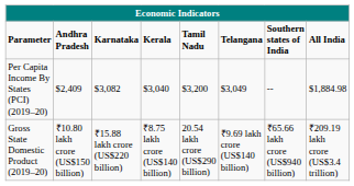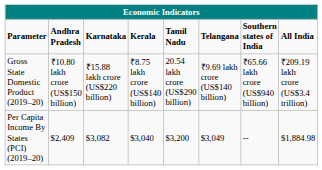 <table class="wikitable collapsible" style="font-size: 0.90em; width: 400px; float: right;">
 <tr>
 <th colspan="8" style="background:teal; color:white; align:center;"><strong>Economic Indicators</strong></th>
 </tr>
 <tr>
 <td><strong>Parameter</strong></td>
 <td><strong>Andhra Pradesh</strong></td>
 <td><strong>Karnataka</strong></td>
 <td><strong>Kerala</strong></td>
 <td><strong>Tamil Nadu</strong></td>
 <td><strong>Telangana</strong></td>
 <td><strong>Southern states of India</strong></td>
 <td><strong>All India</strong></td>
 </tr>
 <tr>
+<td>Gross State Domestic Product (2019–20)</td>
+<td>₹10.80 lakh crore (US$150 billion)</td>
+<td>₹15.88 lakh crore (US$220 billion)</td>
+<td>₹8.75 lakh crore (US$140 billion)</td>
+<td>20.54 lakh crore<br>(US$290 billion)</td>
+<td>₹9.69 lakh crore (US$140 billion)</td>
+<td>₹65.66 lakh crore (US$940 billion)</td>
+<td>₹209.19 lakh crore	(US$3.4 trillion)</td>
+</tr>
+<tr>
 <td>Per Capita Income By States (PCI) (2019–20)</td>
 <td>$2,409</td>
 <td>$3,082</td>
 <td>$3,040</td>
 <td>$3,200</td>
 <td>$3,049</td>
 <td>--</td>
 <td>$1,884.98</td>
 </tr>
-<tr>
-<td>Gross State Domestic Product (2019–20)</td>
-<td>₹10.80 lakh crore (US$150 billion)</td>
-<td>₹15.88 lakh crore (US$220 billion)</td>
-<td>₹8.75 lakh crore (US$140 billion)</td>
-<td>20.54 lakh crore<br>(US$290 billion)</td>
-<td>₹9.69 lakh crore (US$140 billion)</td>
-<td>₹65.66 lakh crore (US$940 billion)</td>
-<td>₹209.19 lakh crore	(US$3.4 trillion)</td>
-</tr>
 </table>
